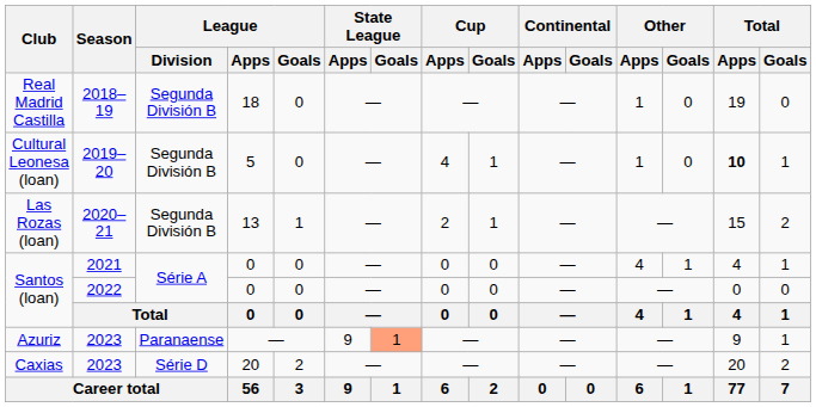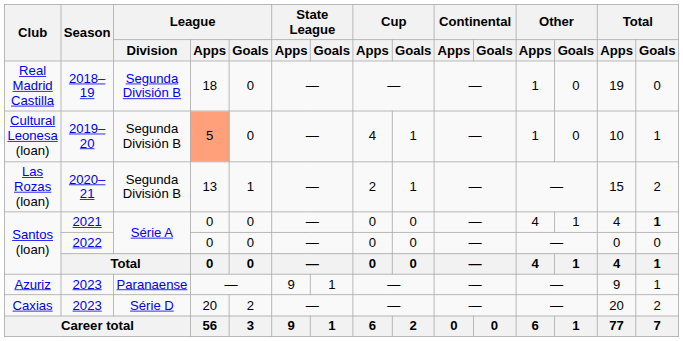 <table class="wikitable" style="text-align: center;">
 <tr>
 <th rowspan="2">Club</th>
 <th rowspan="2">Season</th>
 <th colspan="3">League</th>
 <th colspan="2">State League</th>
 <th colspan="2">Cup</th>
 <th colspan="2">Continental</th>
 <th colspan="2">Other</th>
 <th colspan="2">Total</th>
 </tr>
 <tr>
 <th>Division</th>
 <th>Apps</th>
 <th>Goals</th>
 <th>Apps</th>
 <th>Goals</th>
 <th>Apps</th>
 <th>Goals</th>
 <th>Apps</th>
 <th>Goals</th>
 <th>Apps</th>
 <th>Goals</th>
 <th>Apps</th>
 <th>Goals</th>
 </tr>
 <tr>
 <td valign="center"><a href='#'>Real Madrid Castilla</a></td>
 <td><a href='#'>2018–19</a></td>
 <td><a href='#'>Segunda División B</a></td>
 <td>18</td>
 <td>0</td>
 <td colspan="2">—</td>
 <td colspan="2">—</td>
 <td colspan="2">—</td>
 <td>1</td>
 <td>0</td>
 <td>19</td>
 <td>0</td>
 </tr>
 <tr>
 <td valign="center"><a href='#'>Cultural Leonesa</a> (loan)</td>
 <td><a href='#'>2019–20</a></td>
 <td>Segunda División B</td>
-<td>5</td>
+<td style="background: lightsalmon;">5</td>
 <td>0</td>
 <td colspan="2">—</td>
 <td>4</td>
 <td>1</td>
 <td colspan="2">—</td>
 <td>1</td>
 <td>0</td>
-<td><strong>10</strong></td>
+<td>10</td>
 <td>1</td>
 </tr>
 <tr>
 <td valign="center"><a href='#'>Las Rozas</a> (loan)</td>
 <td><a href='#'>2020–21</a></td>
 <td>Segunda División B</td>
 <td>13</td>
 <td>1</td>
 <td colspan="2">—</td>
 <td>2</td>
 <td>1</td>
 <td colspan="2">—</td>
 <td colspan="2">—</td>
 <td>15</td>
 <td>2</td>
 </tr>
 <tr>
 <td rowspan="3" valign="center"><a href='#'>Santos</a> (loan)</td>
 <td><a href='#'>2021</a></td>
 <td rowspan="2"><a href='#'>Série A</a></td>
 <td>0</td>
 <td>0</td>
 <td colspan="2">—</td>
 <td>0</td>
 <td>0</td>
 <td colspan="2">—</td>
 <td>4</td>
 <td>1</td>
 <td>4</td>
-<td>1</td>
+<td><strong>1</strong></td>
 </tr>
 <tr>
 <td><a href='#'>2022</a></td>
 <td>0</td>
 <td>0</td>
 <td colspan="2">—</td>
 <td>0</td>
 <td>0</td>
 <td colspan="2">—</td>
 <td colspan="2">—</td>
 <td>0</td>
 <td>0</td>
 </tr>
 <tr>
 <th colspan="2">Total</th>
 <th>0</th>
 <th>0</th>
 <th colspan="2">—</th>
 <th>0</th>
 <th>0</th>
 <th colspan="2">—</th>
 <th>4</th>
 <th>1</th>
 <th>4</th>
 <th>1</th>
 </tr>
 <tr>
 <td valign="center"><a href='#'>Azuriz</a></td>
 <td><a href='#'>2023</a></td>
 <td><a href='#'>Paranaense</a></td>
 <td colspan="2">—</td>
 <td>9</td>
-<td style="background: lightsalmon;">1</td>
+<td>1</td>
 <td colspan="2">—</td>
 <td colspan="2">—</td>
 <td colspan="2">—</td>
 <td>9</td>
 <td>1</td>
 </tr>
 <tr>
 <td valign="center"><a href='#'>Caxias</a></td>
 <td><a href='#'>2023</a></td>
 <td><a href='#'>Série D</a></td>
 <td>20</td>
 <td>2</td>
 <td colspan="2">—</td>
 <td colspan="2">—</td>
 <td colspan="2">—</td>
 <td colspan="2">—</td>
 <td>20</td>
 <td>2</td>
 </tr>
 <tr>
 <th colspan="3"><strong>Career total</strong></th>
 <th>56</th>
 <th>3</th>
 <th>9</th>
 <th>1</th>
 <th>6</th>
 <th>2</th>
 <th>0</th>
 <th>0</th>
 <th>6</th>
 <th>1</th>
 <th>77</th>
 <th>7</th>
 </tr>
 </table>
